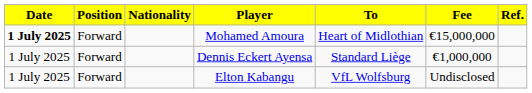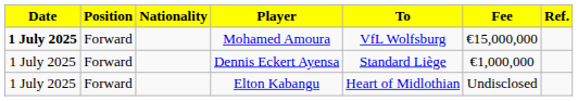 <table class="wikitable" style="text-align:center;">
 <tr>
 <th style="background:#FFFF00; color:#000000; ">Date</th>
 <th style="background:#FFFF00; color:#000000; ">Position</th>
 <th style="background:#FFFF00; color:#000000; ">Nationality</th>
 <th style="background:#FFFF00; color:#000000; ">Player</th>
 <th style="background:#FFFF00; color:#000000; ">To</th>
 <th style="background:#FFFF00; color:#000000; ">Fee</th>
 <th style="background:#FFFF00; color:#000000; ">Ref.</th>
 </tr>
 <tr>
 <td><strong>1 July 2025</strong></td>
 <td>Forward</td>
 <td></td>
 <td><a href='#'>Mohamed Amoura</a></td>
-<td> <a href='#'>Heart of Midlothian</a></td>
+<td> <a href='#'>VfL Wolfsburg</a></td>
 <td>€15,000,000</td>
 <td></td>
 </tr>
 <tr>
 <td>1 July 2025</td>
 <td>Forward</td>
 <td></td>
 <td><a href='#'>Dennis Eckert Ayensa</a></td>
 <td> <a href='#'>Standard Liège</a></td>
 <td>€1,000,000</td>
 <td></td>
 </tr>
 <tr>
 <td>1 July 2025 </td>
 <td>Forward</td>
 <td></td>
 <td><a href='#'>Elton Kabangu</a></td>
-<td> <a href='#'>VfL Wolfsburg</a></td>
+<td> <a href='#'>Heart of Midlothian</a></td>
 <td>Undisclosed</td>
 <td></td>
 </tr>
 </table>
